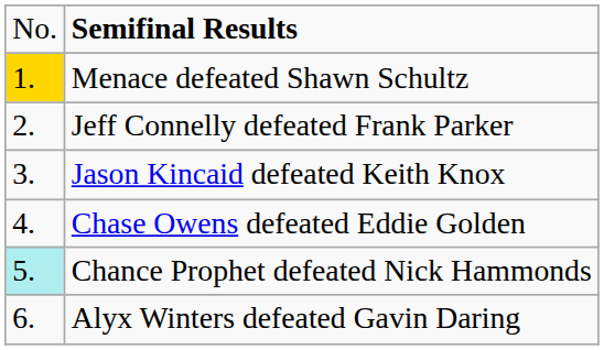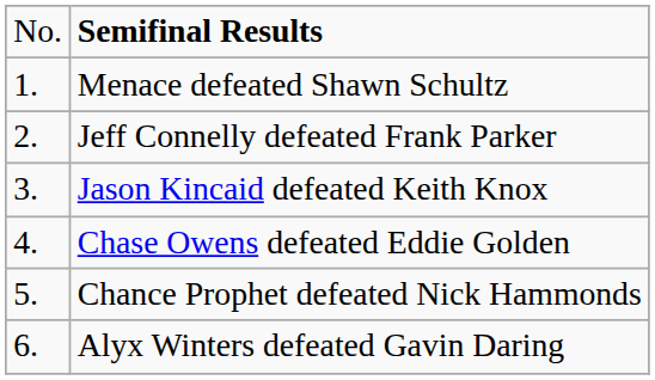 <table class="wikitable">
 <tr>
 <td>No.</td>
 <td><strong>Semifinal Results</strong></td>
 </tr>
 <tr>
-<td style="background: gold;">1.</td>
+<td>1.</td>
 <td>Menace defeated Shawn Schultz</td>
 </tr>
 <tr>
 <td>2.</td>
 <td>Jeff Connelly defeated Frank Parker</td>
 </tr>
 <tr>
 <td>3.</td>
 <td><a href='#'>Jason Kincaid</a> defeated Keith Knox</td>
 </tr>
 <tr>
 <td>4.</td>
 <td><a href='#'>Chase Owens</a> defeated Eddie Golden</td>
 </tr>
 <tr>
-<td style="background: paleturquoise;">5.</td>
+<td>5.</td>
 <td>Chance Prophet defeated Nick Hammonds</td>
 </tr>
 <tr>
 <td>6.</td>
 <td>Alyx Winters defeated Gavin Daring</td>
 </tr>
 </table>
